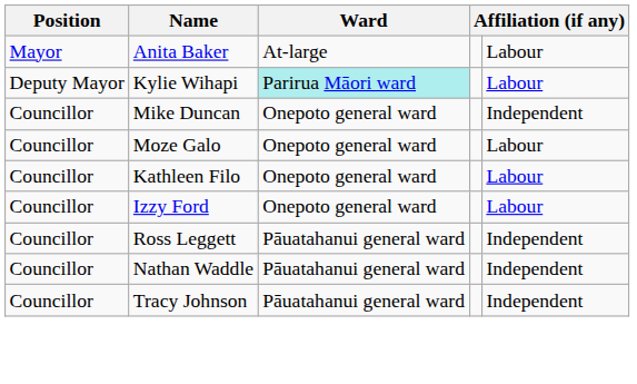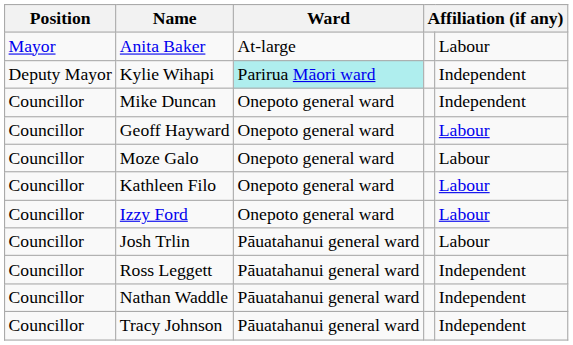 <table class="wikitable">
 <tr>
 <th>Position</th>
 <th>Name</th>
 <th>Ward</th>
 <th colspan="2">Affiliation (if any)</th>
 </tr>
 <tr>
 <td><a href='#'>Mayor</a></td>
 <td><a href='#'>Anita Baker</a></td>
 <td>At-large</td>
 <td></td>
 <td>Labour</td>
 </tr>
 <tr>
 <td>Deputy Mayor</td>
 <td>Kylie Wihapi</td>
 <td style="background: paleturquoise;">Parirua <a href='#'>Māori ward</a></td>
 <td></td>
-<td><a href='#'>Labour</a></td>
+<td>Independent</td>
 </tr>
 <tr>
 <td>Councillor</td>
 <td>Mike Duncan</td>
 <td>Onepoto general ward</td>
 <td></td>
 <td>Independent</td>
+</tr>
+<tr>
+<td>Councillor</td>
+<td>Geoff Hayward</td>
+<td>Onepoto general ward</td>
+<td></td>
+<td><a href='#'>Labour</a></td>
 </tr>
 <tr>
 <td>Councillor</td>
 <td>Moze Galo</td>
 <td>Onepoto general ward</td>
 <td></td>
 <td>Labour</td>
 </tr>
 <tr>
 <td>Councillor</td>
 <td>Kathleen Filo</td>
 <td>Onepoto general ward</td>
 <td></td>
 <td><a href='#'>Labour</a></td>
 </tr>
 <tr>
 <td>Councillor</td>
 <td><a href='#'>Izzy Ford</a></td>
 <td>Onepoto general ward</td>
 <td></td>
 <td><a href='#'>Labour</a></td>
 </tr>
 <tr>
 <td>Councillor</td>
+<td>Josh Trlin</td>
+<td>Pāuatahanui general ward</td>
+<td></td>
+<td>Labour</td>
+</tr>
+<tr>
+<td>Councillor</td>
 <td>Ross Leggett</td>
 <td>Pāuatahanui general ward</td>
 <td></td>
 <td>Independent</td>
 </tr>
 <tr>
 <td>Councillor</td>
 <td>Nathan Waddle</td>
 <td>Pāuatahanui general ward</td>
 <td></td>
 <td>Independent</td>
 </tr>
 <tr>
 <td>Councillor</td>
 <td>Tracy Johnson</td>
 <td>Pāuatahanui general ward</td>
 <td></td>
 <td>Independent</td>
 </tr>
 </table>
